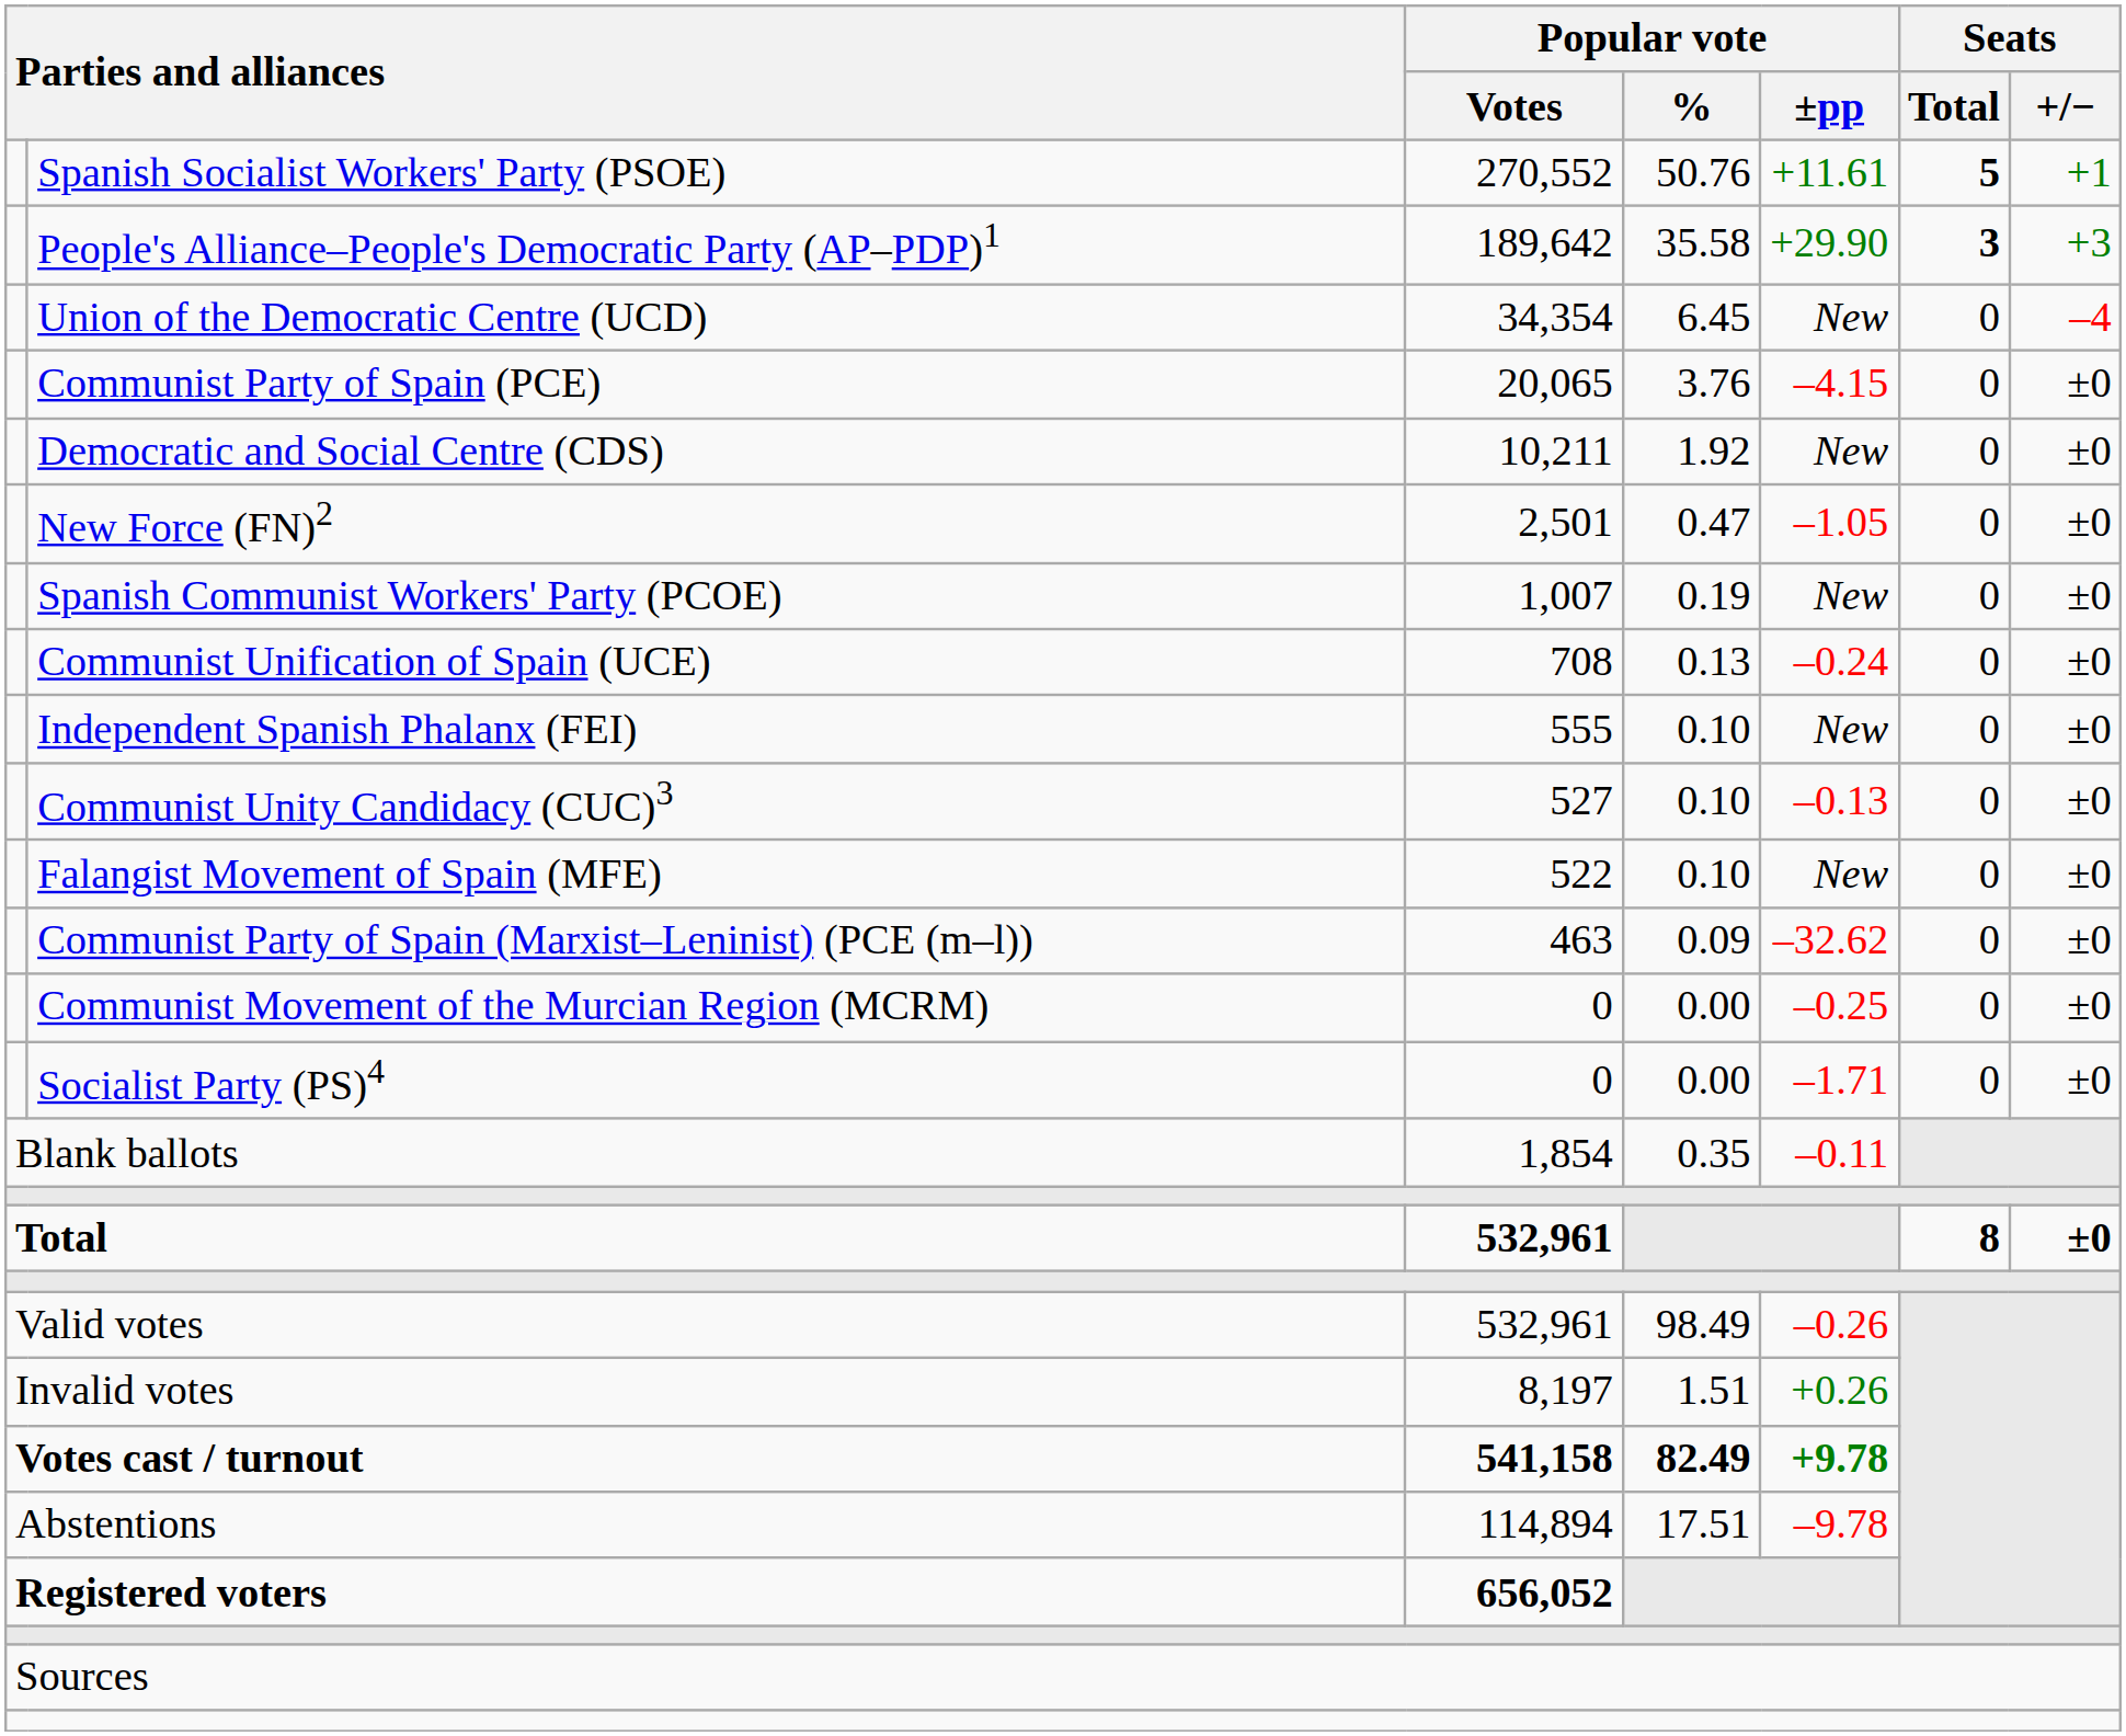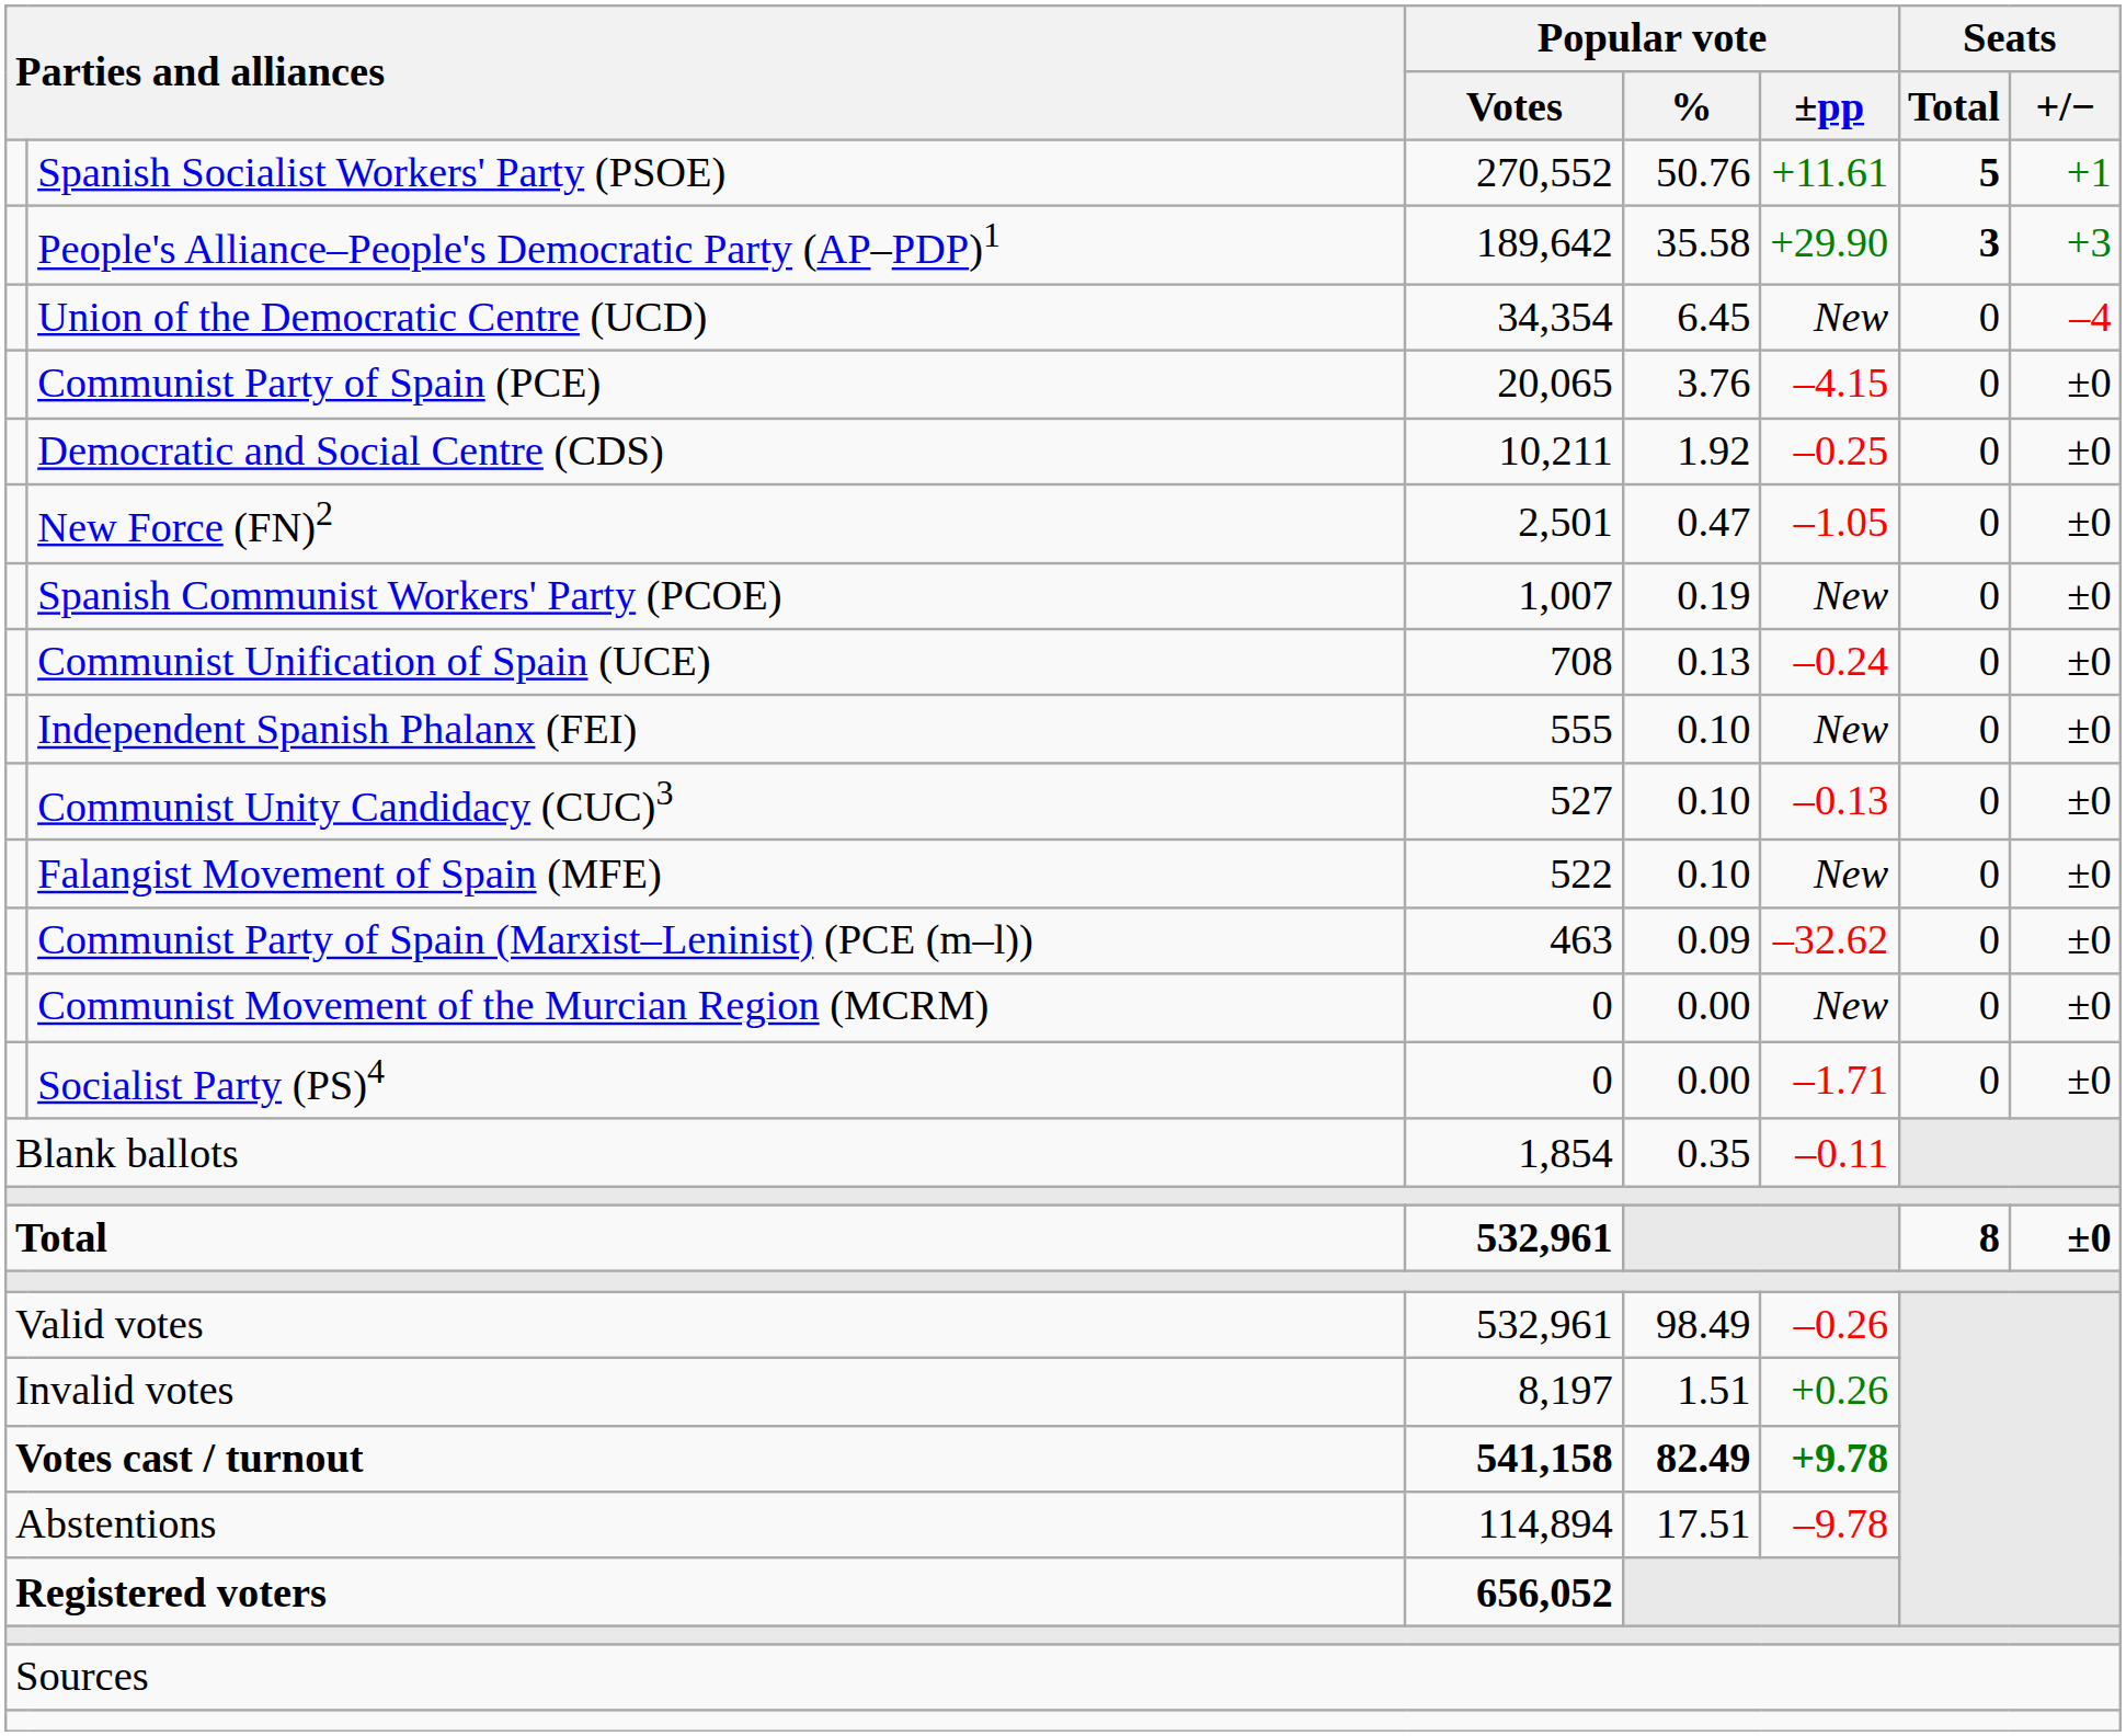 <table class="wikitable" style="text-align:right;">
 <tr>
 <th style="text-align:left;" rowspan="2" colspan="2" width="525">Parties and alliances</th>
 <th colspan="3">Popular vote</th>
 <th colspan="2">Seats</th>
 </tr>
 <tr>
 <th width="75">Votes</th>
 <th width="45">%</th>
 <th width="45">±<a href='#'>pp</a></th>
 <th width="35">Total</th>
 <th width="35">+/−</th>
 </tr>
 <tr>
 <td width="1" style="color:inherit;background:"></td>
 <td align="left"><a href='#'>Spanish Socialist Workers' Party</a> (PSOE)</td>
 <td>270,552</td>
 <td>50.76</td>
 <td style="color:green;">+11.61</td>
 <td><strong>5</strong></td>
 <td style="color:green;">+1</td>
 </tr>
 <tr>
 <td style="color:inherit;background:"></td>
 <td align="left"><a href='#'>People's Alliance–People's Democratic Party</a> (<a href='#'>AP</a>–<a href='#'>PDP</a>)<sup>1</sup></td>
 <td>189,642</td>
 <td>35.58</td>
 <td style="color:green;">+29.90</td>
 <td><strong>3</strong></td>
 <td style="color:green;">+3</td>
 </tr>
 <tr>
 <td style="color:inherit;background:"></td>
 <td align="left"><a href='#'>Union of the Democratic Centre</a> (UCD)</td>
 <td>34,354</td>
 <td>6.45</td>
 <td><em>New</em></td>
 <td>0</td>
 <td style="color:red;">–4</td>
 </tr>
 <tr>
 <td style="color:inherit;background:"></td>
 <td align="left"><a href='#'>Communist Party of Spain</a> (PCE)</td>
 <td>20,065</td>
 <td>3.76</td>
 <td style="color:red;">–4.15</td>
 <td>0</td>
 <td>±0</td>
 </tr>
 <tr>
 <td style="color:inherit;background:"></td>
 <td align="left"><a href='#'>Democratic and Social Centre</a> (CDS)</td>
 <td>10,211</td>
 <td>1.92</td>
-<td><em>New</em></td>
+<td style="color:red;">–0.25</td>
 <td>0</td>
 <td>±0</td>
 </tr>
 <tr>
 <td style="color:inherit;background:"></td>
 <td align="left"><a href='#'>New Force</a> (FN)<sup>2</sup></td>
 <td>2,501</td>
 <td>0.47</td>
 <td style="color:red;">–1.05</td>
 <td>0</td>
 <td>±0</td>
 </tr>
 <tr>
 <td style="color:inherit;background:"></td>
 <td align="left"><a href='#'>Spanish Communist Workers' Party</a> (PCOE)</td>
 <td>1,007</td>
 <td>0.19</td>
 <td><em>New</em></td>
 <td>0</td>
 <td>±0</td>
 </tr>
 <tr>
 <td style="color:inherit;background:"></td>
 <td align="left"><a href='#'>Communist Unification of Spain</a> (UCE)</td>
 <td>708</td>
 <td>0.13</td>
 <td style="color:red;">–0.24</td>
 <td>0</td>
 <td>±0</td>
 </tr>
 <tr>
 <td style="color:inherit;background:"></td>
 <td align="left"><a href='#'>Independent Spanish Phalanx</a> (FEI)</td>
 <td>555</td>
 <td>0.10</td>
 <td><em>New</em></td>
 <td>0</td>
 <td>±0</td>
 </tr>
 <tr>
 <td style="color:inherit;background:"></td>
 <td align="left"><a href='#'>Communist Unity Candidacy</a> (CUC)<sup>3</sup></td>
 <td>527</td>
 <td>0.10</td>
 <td style="color:red;">–0.13</td>
 <td>0</td>
 <td>±0</td>
 </tr>
 <tr>
 <td style="color:inherit;background:"></td>
 <td align="left"><a href='#'>Falangist Movement of Spain</a> (MFE)</td>
 <td>522</td>
 <td>0.10</td>
 <td><em>New</em></td>
 <td>0</td>
 <td>±0</td>
 </tr>
 <tr>
 <td style="color:inherit;background:"></td>
 <td align="left"><a href='#'>Communist Party of Spain (Marxist–Leninist)</a> (PCE (m–l))</td>
 <td>463</td>
 <td>0.09</td>
 <td style="color:red;">–32.62</td>
 <td>0</td>
 <td>±0</td>
 </tr>
 <tr>
 <td style="color:inherit;background:"></td>
 <td align="left"><a href='#'>Communist Movement of the Murcian Region</a> (MCRM)</td>
 <td>0</td>
 <td>0.00</td>
-<td style="color:red;">–0.25</td>
+<td><em>New</em></td>
 <td>0</td>
 <td>±0</td>
 </tr>
 <tr>
 <td style="color:inherit;background:"></td>
 <td align="left"><a href='#'>Socialist Party</a> (PS)<sup>4</sup></td>
 <td>0</td>
 <td>0.00</td>
 <td style="color:red;">–1.71</td>
 <td>0</td>
 <td>±0</td>
 </tr>
 <tr>
 <td align="left" colspan="2">Blank ballots</td>
 <td>1,854</td>
 <td>0.35</td>
 <td style="color:red;">–0.11</td>
 <td bgcolor="#E9E9E9" colspan="2"></td>
 </tr>
 <tr>
 <td colspan="7" bgcolor="#E9E9E9"></td>
 </tr>
 <tr style="font-weight:bold;">
 <td align="left" colspan="2">Total</td>
 <td>532,961</td>
 <td bgcolor="#E9E9E9" colspan="2"></td>
 <td>8</td>
 <td>±0</td>
 </tr>
 <tr>
 <td colspan="7" bgcolor="#E9E9E9"></td>
 </tr>
 <tr>
 <td align="left" colspan="2">Valid votes</td>
 <td>532,961</td>
 <td>98.49</td>
 <td style="color:red;">–0.26</td>
 <td bgcolor="#E9E9E9" colspan="2" rowspan="5"></td>
 </tr>
 <tr>
 <td align="left" colspan="2">Invalid votes</td>
 <td>8,197</td>
 <td>1.51</td>
 <td style="color:green;">+0.26</td>
 </tr>
 <tr style="font-weight:bold;">
 <td align="left" colspan="2">Votes cast / turnout</td>
 <td>541,158</td>
 <td>82.49</td>
 <td style="color:green;">+9.78</td>
 </tr>
 <tr>
 <td align="left" colspan="2">Abstentions</td>
 <td>114,894</td>
 <td>17.51</td>
 <td style="color:red;">–9.78</td>
 </tr>
 <tr style="font-weight:bold;">
 <td align="left" colspan="2">Registered voters</td>
 <td>656,052</td>
 <td bgcolor="#E9E9E9" colspan="2"></td>
 </tr>
 <tr>
 <td colspan="7" bgcolor="#E9E9E9"></td>
 </tr>
 <tr>
 <td align="left" colspan="7">Sources</td>
 </tr>
 <tr>
 <td colspan="7" style="text-align:left; max-width:790px;"></td>
 </tr>
 </table>
